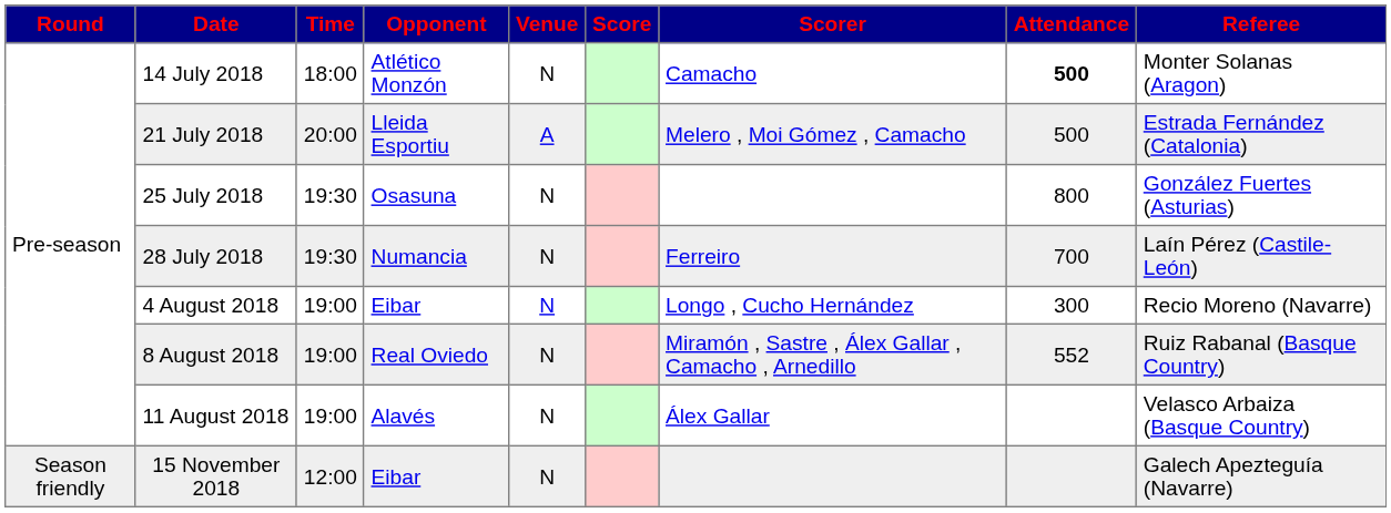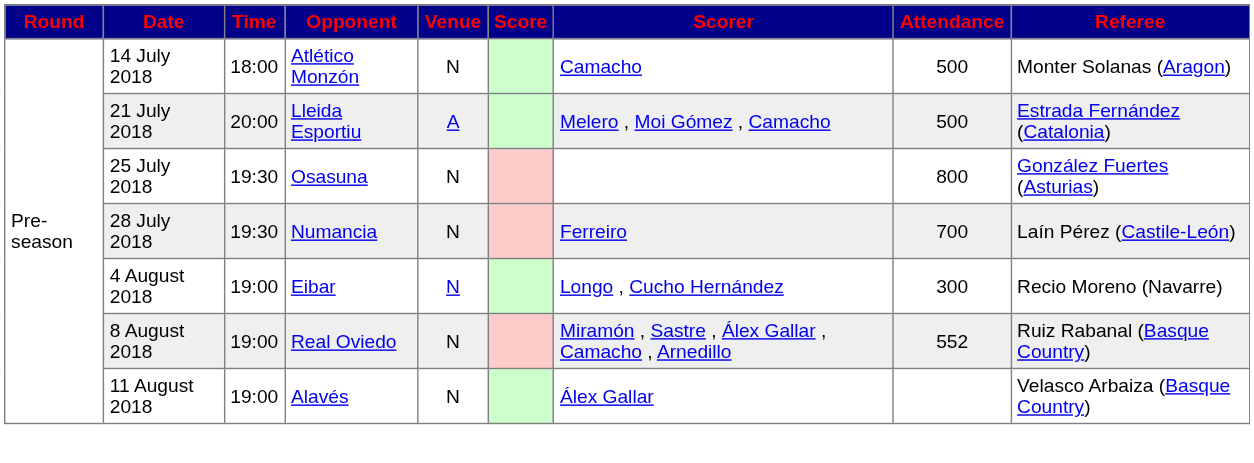 <table cellpadding="4" cellspacing="0" border="1" style="text-align: center; font-size: 85%; border: gray solid 1px; border-collapse: collapse;">
 <tr style="background:#000088; color:red;">
 <th>Round</th>
 <th>Date</th>
 <th>Time</th>
 <th>Opponent</th>
 <th>Venue</th>
 <th>Score</th>
 <th>Scorer</th>
 <th>Attendance</th>
 <th>Referee</th>
 </tr>
 <tr>
 <td style="text-align:left;" rowspan="7">Pre-season</td>
 <td align="left">14 July 2018</td>
 <td>18:00</td>
 <td align="left"><a href='#'>Atlético Monzón</a></td>
 <td>N</td>
 <td bgcolor="CCFFCC"></td>
 <td align="left"><a href='#'>Camacho</a> </td>
-<td><strong>500</strong></td>
+<td>500</td>
 <td align="left">Monter Solanas (<a href='#'>Aragon</a>)</td>
 </tr>
 <tr bgcolor="#EFEFEF">
 <td align="left">21 July 2018</td>
 <td>20:00</td>
 <td align="left"><a href='#'>Lleida Esportiu</a></td>
 <td><a href='#'>A</a></td>
 <td bgcolor="CCFFCC"></td>
 <td align="left"><a href='#'>Melero</a> , <a href='#'>Moi Gómez</a> , <a href='#'>Camacho</a> </td>
 <td>500</td>
 <td align="left"><a href='#'>Estrada Fernández</a> (<a href='#'>Catalonia</a>)</td>
 </tr>
 <tr>
 <td align="left">25 July 2018</td>
 <td>19:30</td>
 <td align="left"><a href='#'>Osasuna</a></td>
 <td>N</td>
 <td bgcolor="FFCCCC"></td>
 <td align="left"></td>
 <td>800</td>
 <td align="left"><a href='#'>González Fuertes</a> (<a href='#'>Asturias</a>)</td>
 </tr>
 <tr bgcolor="#EFEFEF">
 <td align="left">28 July 2018</td>
 <td>19:30</td>
 <td align="left"><a href='#'>Numancia</a></td>
 <td>N</td>
 <td bgcolor="FFCCCC"></td>
 <td align="left"><a href='#'>Ferreiro</a> </td>
 <td>700</td>
 <td align="left">Laín Pérez (<a href='#'>Castile-León</a>)</td>
 </tr>
 <tr>
 <td align="left">4 August 2018</td>
 <td>19:00</td>
 <td align="left"><a href='#'>Eibar</a></td>
 <td><a href='#'>N</a></td>
 <td bgcolor="CCFFCC"></td>
 <td align="left"><a href='#'>Longo</a> , <a href='#'>Cucho Hernández</a> </td>
 <td>300</td>
 <td align="left">Recio Moreno (Navarre)</td>
 </tr>
 <tr bgcolor="#EFEFEF">
 <td align="left">8 August 2018</td>
 <td>19:00</td>
 <td align="left"><a href='#'>Real Oviedo</a></td>
 <td>N</td>
 <td bgcolor="FFCCCC"></td>
 <td align="left"><a href='#'>Miramón</a> , <a href='#'>Sastre</a> , <a href='#'>Álex Gallar</a> , <a href='#'>Camacho</a> , <a href='#'>Arnedillo</a> </td>
 <td>552</td>
 <td align="left">Ruiz Rabanal (<a href='#'>Basque Country</a>)</td>
 </tr>
 <tr>
 <td align="left">11 August 2018</td>
 <td>19:00</td>
 <td align="left"><a href='#'>Alavés</a></td>
 <td>N</td>
 <td bgcolor="CCFFCC"></td>
 <td align="left"><a href='#'>Álex Gallar</a> </td>
 <td></td>
 <td align="left">Velasco Arbaiza (<a href='#'>Basque Country</a>)</td>
 </tr>
-<tr bgcolor="#EFEFEF">
-<td>Season friendly</td>
-<td>15 November 2018</td>
-<td>12:00</td>
-<td align="left"><a href='#'>Eibar</a></td>
-<td>N</td>
-<td bgcolor="FFCCCC"></td>
-<td align="left"></td>
-<td></td>
-<td align="left">Galech Apezteguía (Navarre)</td>
-</tr>
 </table>
